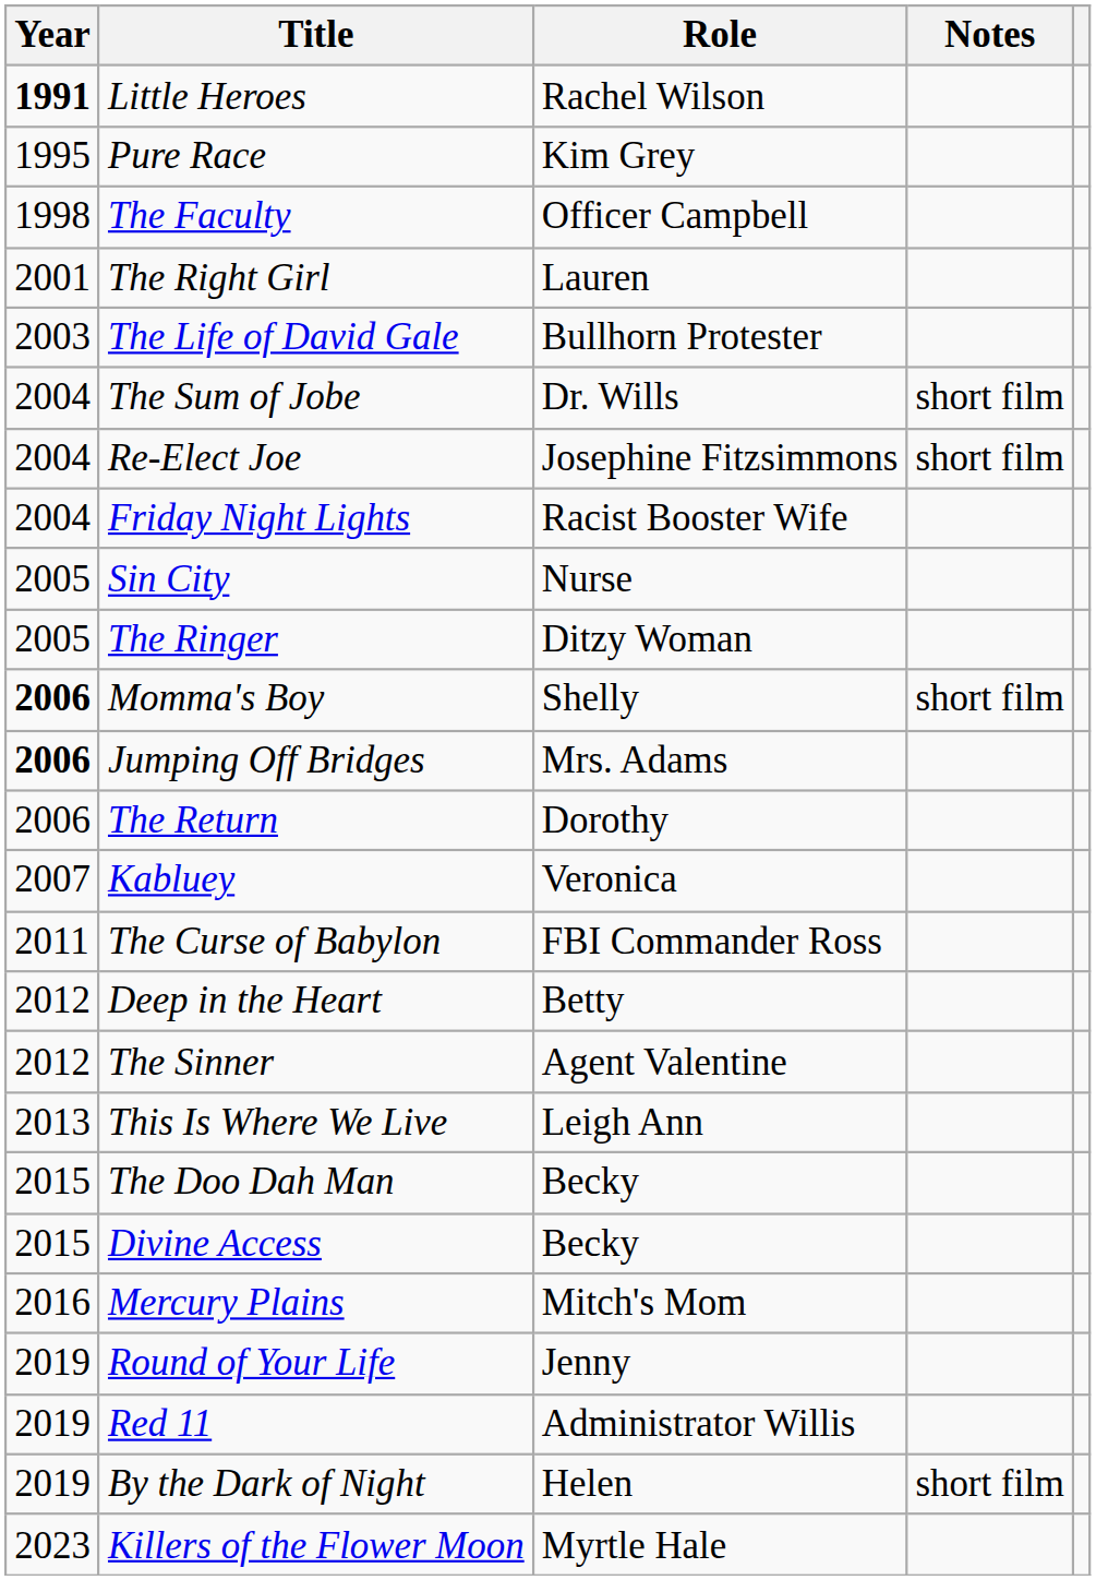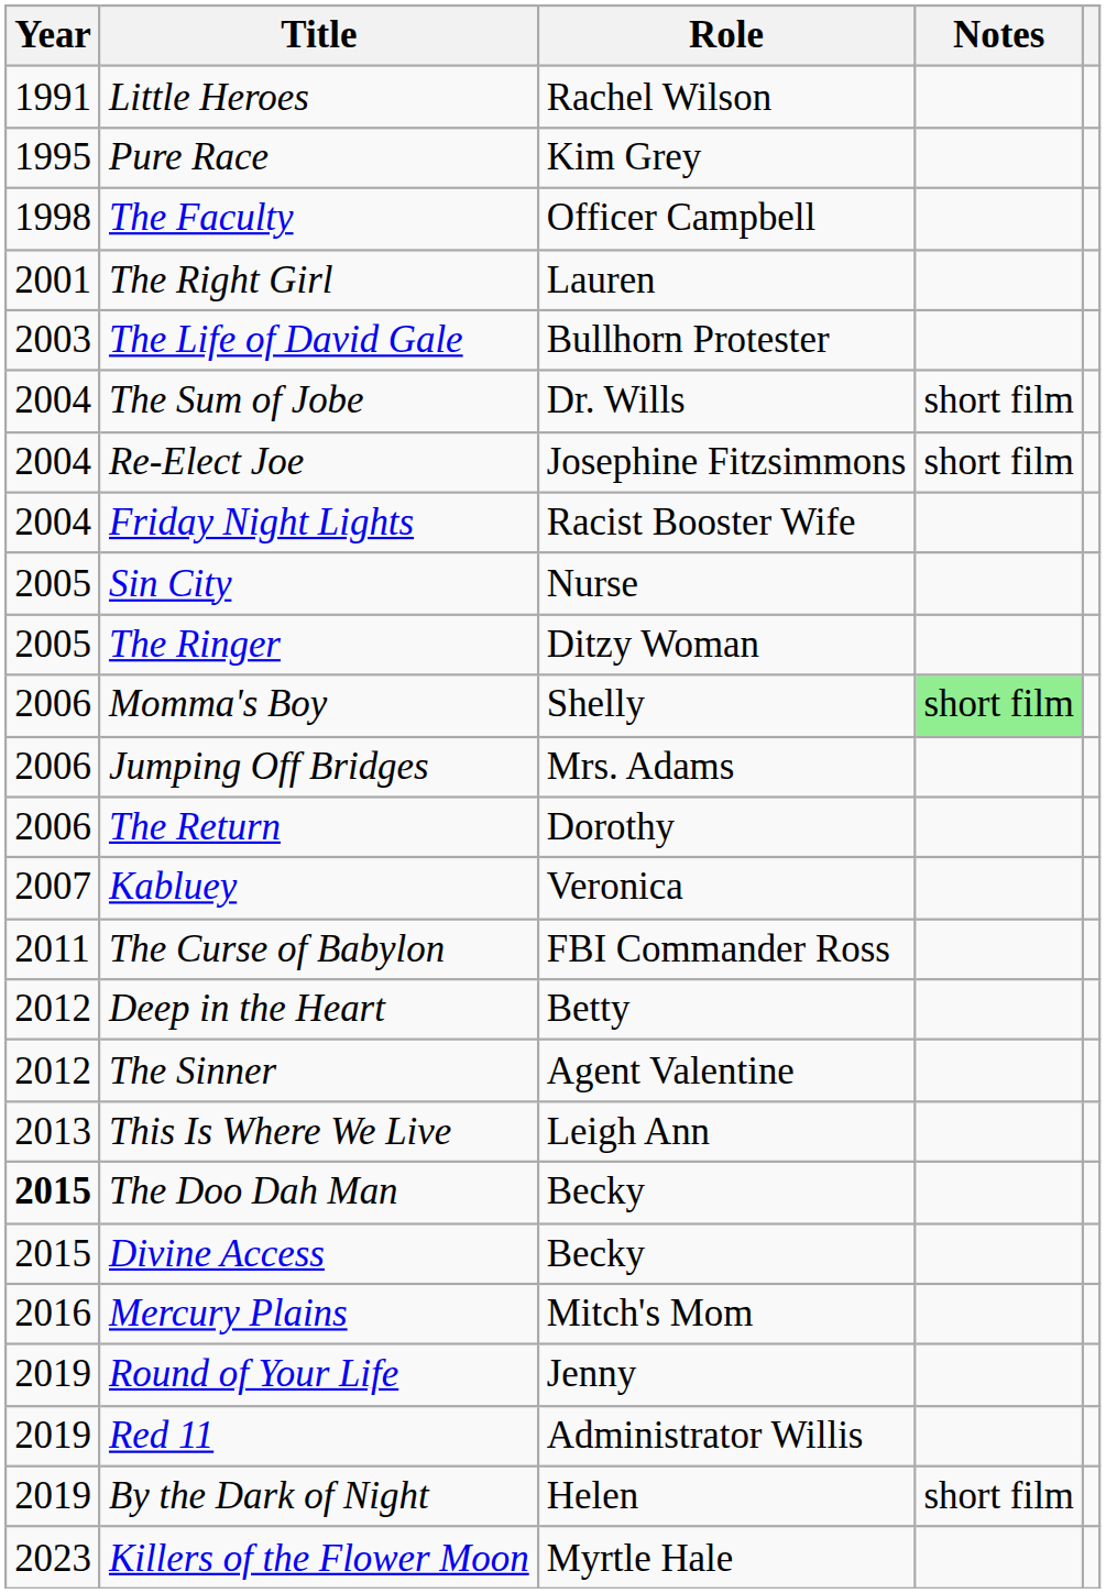 <table class="wikitable sortable">
 <tr>
 <th>Year</th>
 <th>Title</th>
 <th>Role</th>
 <th class="unsortable">Notes</th>
 <th class="unsortable"></th>
 </tr>
 <tr>
-<td><strong>1991</strong></td>
+<td>1991</td>
 <td><em>Little Heroes</em></td>
 <td>Rachel Wilson</td>
 <td></td>
 <td></td>
 </tr>
 <tr>
 <td>1995</td>
 <td><em>Pure Race</em></td>
 <td>Kim Grey</td>
 <td></td>
 <td></td>
 </tr>
 <tr>
 <td>1998</td>
 <td><em><a href='#'>The Faculty</a></em></td>
 <td>Officer Campbell</td>
 <td></td>
 <td></td>
 </tr>
 <tr>
 <td>2001</td>
 <td><em>The Right Girl</em></td>
 <td>Lauren</td>
 <td></td>
 <td></td>
 </tr>
 <tr>
 <td>2003</td>
 <td><em><a href='#'>The Life of David Gale</a></em></td>
 <td>Bullhorn Protester</td>
 <td></td>
 <td></td>
 </tr>
 <tr>
 <td>2004</td>
 <td><em>The Sum of Jobe</em></td>
 <td>Dr. Wills</td>
 <td>short film</td>
 <td></td>
 </tr>
 <tr>
 <td>2004</td>
 <td><em>Re-Elect Joe</em></td>
 <td>Josephine Fitzsimmons</td>
 <td>short film</td>
 <td></td>
 </tr>
 <tr>
 <td>2004</td>
 <td><em><a href='#'>Friday Night Lights</a></em></td>
 <td>Racist Booster Wife</td>
 <td></td>
 <td></td>
 </tr>
 <tr>
 <td>2005</td>
 <td><em><a href='#'>Sin City</a></em></td>
 <td>Nurse</td>
 <td></td>
 <td></td>
 </tr>
 <tr>
 <td>2005</td>
 <td><em><a href='#'>The Ringer</a></em></td>
 <td>Ditzy Woman</td>
 <td></td>
 <td></td>
 </tr>
 <tr>
-<td><strong>2006</strong></td>
+<td>2006</td>
 <td><em>Momma's Boy</em></td>
 <td>Shelly</td>
-<td>short film</td>
+<td style="background: lightgreen;">short film</td>
 <td></td>
 </tr>
 <tr>
-<td><strong>2006</strong></td>
+<td>2006</td>
 <td><em>Jumping Off Bridges</em></td>
 <td>Mrs. Adams</td>
 <td></td>
 <td></td>
 </tr>
 <tr>
 <td>2006</td>
 <td><em><a href='#'>The Return</a></em></td>
 <td>Dorothy</td>
 <td></td>
 <td></td>
 </tr>
 <tr>
 <td>2007</td>
 <td><em><a href='#'>Kabluey</a></em></td>
 <td>Veronica</td>
 <td></td>
 <td></td>
 </tr>
 <tr>
 <td>2011</td>
 <td><em>The Curse of Babylon</em></td>
 <td>FBI Commander Ross</td>
 <td></td>
 <td></td>
 </tr>
 <tr>
 <td>2012</td>
 <td><em>Deep in the Heart</em></td>
 <td>Betty</td>
 <td></td>
 <td></td>
 </tr>
 <tr>
 <td>2012</td>
 <td><em>The Sinner</em></td>
 <td>Agent Valentine</td>
 <td></td>
 <td></td>
 </tr>
 <tr>
 <td>2013</td>
 <td><em>This Is Where We Live</em></td>
 <td>Leigh Ann</td>
 <td></td>
 <td></td>
 </tr>
 <tr>
-<td>2015</td>
+<td><strong>2015</strong></td>
 <td><em>The Doo Dah Man</em></td>
 <td>Becky</td>
 <td></td>
 <td></td>
 </tr>
 <tr>
 <td>2015</td>
 <td><em><a href='#'>Divine Access</a></em></td>
 <td>Becky</td>
 <td></td>
 <td></td>
 </tr>
 <tr>
 <td>2016</td>
 <td><em><a href='#'>Mercury Plains</a></em></td>
 <td>Mitch's Mom</td>
 <td></td>
 <td></td>
 </tr>
 <tr>
 <td>2019</td>
 <td><em><a href='#'>Round of Your Life</a></em></td>
 <td>Jenny</td>
 <td></td>
 <td></td>
 </tr>
 <tr>
 <td>2019</td>
 <td><em><a href='#'>Red 11</a></em></td>
 <td>Administrator Willis</td>
 <td></td>
 <td></td>
 </tr>
 <tr>
 <td>2019</td>
 <td><em>By the Dark of Night</em></td>
 <td>Helen</td>
 <td>short film</td>
 <td></td>
 </tr>
 <tr>
 <td>2023</td>
 <td><em><a href='#'>Killers of the Flower Moon</a></em></td>
 <td>Myrtle Hale</td>
 <td></td>
 <td></td>
 </tr>
 <tr>
 </tr>
 </table>
